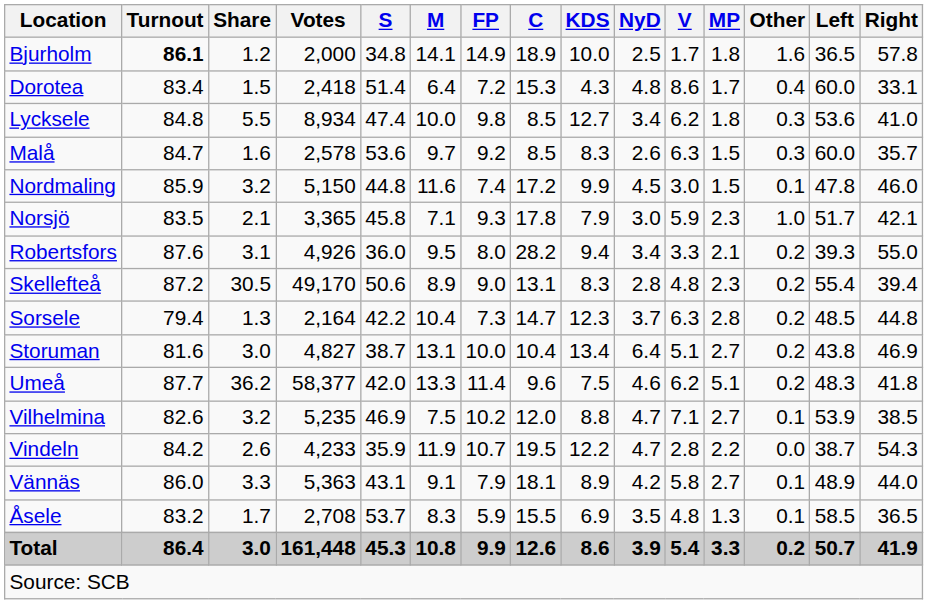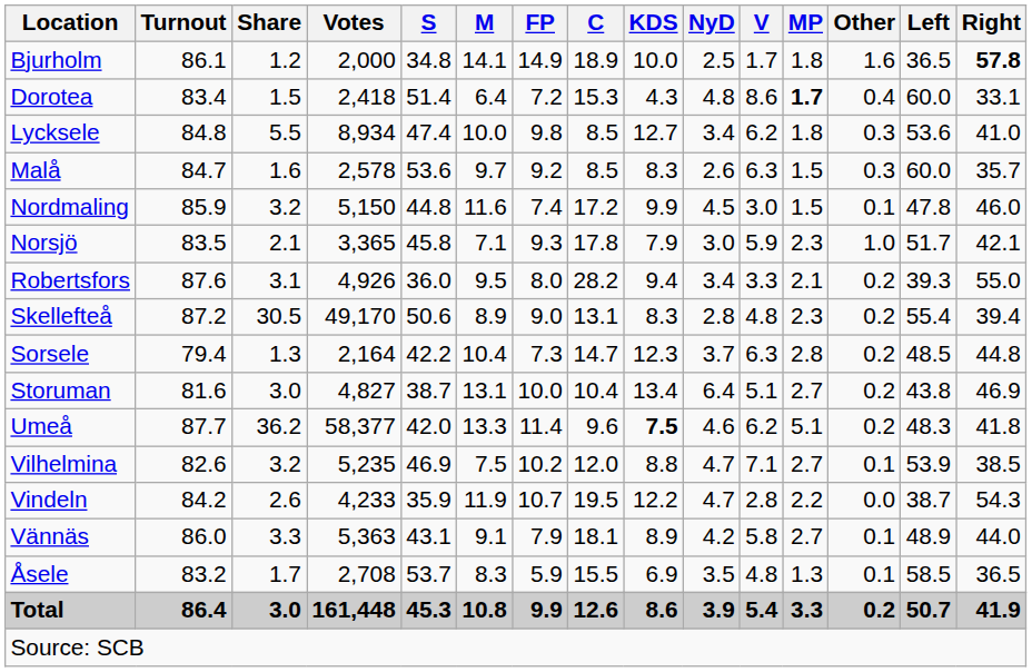 <table class="wikitable sortable" style=text-align:right>
 <tr>
 <th>Location</th>
 <th>Turnout</th>
 <th>Share</th>
 <th>Votes</th>
 <th><a href='#'>S</a></th>
 <th><a href='#'>M</a></th>
 <th><a href='#'>FP</a></th>
 <th><a href='#'>C</a></th>
 <th><a href='#'>KDS</a></th>
 <th><a href='#'>NyD</a></th>
 <th><a href='#'>V</a></th>
 <th><a href='#'>MP</a></th>
 <th>Other</th>
 <th>Left</th>
 <th>Right</th>
 </tr>
 <tr>
 <td align=left><a href='#'>Bjurholm</a></td>
-<td><strong>86.1</strong></td>
+<td>86.1</td>
 <td>1.2</td>
 <td>2,000</td>
 <td>34.8</td>
 <td>14.1</td>
 <td>14.9</td>
 <td>18.9</td>
 <td>10.0</td>
 <td>2.5</td>
 <td>1.7</td>
 <td>1.8</td>
 <td>1.6</td>
 <td>36.5</td>
-<td>57.8</td>
+<td><strong>57.8</strong></td>
 </tr>
 <tr>
 <td align=left><a href='#'>Dorotea</a></td>
 <td>83.4</td>
 <td>1.5</td>
 <td>2,418</td>
 <td>51.4</td>
 <td>6.4</td>
 <td>7.2</td>
 <td>15.3</td>
 <td>4.3</td>
 <td>4.8</td>
 <td>8.6</td>
-<td>1.7</td>
+<td><strong>1.7</strong></td>
 <td>0.4</td>
 <td>60.0</td>
 <td>33.1</td>
 </tr>
 <tr>
 <td align=left><a href='#'>Lycksele</a></td>
 <td>84.8</td>
 <td>5.5</td>
 <td>8,934</td>
 <td>47.4</td>
 <td>10.0</td>
 <td>9.8</td>
 <td>8.5</td>
 <td>12.7</td>
 <td>3.4</td>
 <td>6.2</td>
 <td>1.8</td>
 <td>0.3</td>
 <td>53.6</td>
 <td>41.0</td>
 </tr>
 <tr>
 <td align=left><a href='#'>Malå</a></td>
 <td>84.7</td>
 <td>1.6</td>
 <td>2,578</td>
 <td>53.6</td>
 <td>9.7</td>
 <td>9.2</td>
 <td>8.5</td>
 <td>8.3</td>
 <td>2.6</td>
 <td>6.3</td>
 <td>1.5</td>
 <td>0.3</td>
 <td>60.0</td>
 <td>35.7</td>
 </tr>
 <tr>
 <td align=left><a href='#'>Nordmaling</a></td>
 <td>85.9</td>
 <td>3.2</td>
 <td>5,150</td>
 <td>44.8</td>
 <td>11.6</td>
 <td>7.4</td>
 <td>17.2</td>
 <td>9.9</td>
 <td>4.5</td>
 <td>3.0</td>
 <td>1.5</td>
 <td>0.1</td>
 <td>47.8</td>
 <td>46.0</td>
 </tr>
 <tr>
 <td align=left><a href='#'>Norsjö</a></td>
 <td>83.5</td>
 <td>2.1</td>
 <td>3,365</td>
 <td>45.8</td>
 <td>7.1</td>
 <td>9.3</td>
 <td>17.8</td>
 <td>7.9</td>
 <td>3.0</td>
 <td>5.9</td>
 <td>2.3</td>
 <td>1.0</td>
 <td>51.7</td>
 <td>42.1</td>
 </tr>
 <tr>
 <td align=left><a href='#'>Robertsfors</a></td>
 <td>87.6</td>
 <td>3.1</td>
 <td>4,926</td>
 <td>36.0</td>
 <td>9.5</td>
 <td>8.0</td>
 <td>28.2</td>
 <td>9.4</td>
 <td>3.4</td>
 <td>3.3</td>
 <td>2.1</td>
 <td>0.2</td>
 <td>39.3</td>
 <td>55.0</td>
 </tr>
 <tr>
 <td align=left><a href='#'>Skellefteå</a></td>
 <td>87.2</td>
 <td>30.5</td>
 <td>49,170</td>
 <td>50.6</td>
 <td>8.9</td>
 <td>9.0</td>
 <td>13.1</td>
 <td>8.3</td>
 <td>2.8</td>
 <td>4.8</td>
 <td>2.3</td>
 <td>0.2</td>
 <td>55.4</td>
 <td>39.4</td>
 </tr>
 <tr>
 <td align=left><a href='#'>Sorsele</a></td>
 <td>79.4</td>
 <td>1.3</td>
 <td>2,164</td>
 <td>42.2</td>
 <td>10.4</td>
 <td>7.3</td>
 <td>14.7</td>
 <td>12.3</td>
 <td>3.7</td>
 <td>6.3</td>
 <td>2.8</td>
 <td>0.2</td>
 <td>48.5</td>
 <td>44.8</td>
 </tr>
 <tr>
 <td align=left><a href='#'>Storuman</a></td>
 <td>81.6</td>
 <td>3.0</td>
 <td>4,827</td>
 <td>38.7</td>
 <td>13.1</td>
 <td>10.0</td>
 <td>10.4</td>
 <td>13.4</td>
 <td>6.4</td>
 <td>5.1</td>
 <td>2.7</td>
 <td>0.2</td>
 <td>43.8</td>
 <td>46.9</td>
 </tr>
 <tr>
 <td align=left><a href='#'>Umeå</a></td>
 <td>87.7</td>
 <td>36.2</td>
 <td>58,377</td>
 <td>42.0</td>
 <td>13.3</td>
 <td>11.4</td>
 <td>9.6</td>
-<td>7.5</td>
+<td><strong>7.5</strong></td>
 <td>4.6</td>
 <td>6.2</td>
 <td>5.1</td>
 <td>0.2</td>
 <td>48.3</td>
 <td>41.8</td>
 </tr>
 <tr>
 <td align=left><a href='#'>Vilhelmina</a></td>
 <td>82.6</td>
 <td>3.2</td>
 <td>5,235</td>
 <td>46.9</td>
 <td>7.5</td>
 <td>10.2</td>
 <td>12.0</td>
 <td>8.8</td>
 <td>4.7</td>
 <td>7.1</td>
 <td>2.7</td>
 <td>0.1</td>
 <td>53.9</td>
 <td>38.5</td>
 </tr>
 <tr>
 <td align=left><a href='#'>Vindeln</a></td>
 <td>84.2</td>
 <td>2.6</td>
 <td>4,233</td>
 <td>35.9</td>
 <td>11.9</td>
 <td>10.7</td>
 <td>19.5</td>
 <td>12.2</td>
 <td>4.7</td>
 <td>2.8</td>
 <td>2.2</td>
 <td>0.0</td>
 <td>38.7</td>
 <td>54.3</td>
 </tr>
 <tr>
 <td align=left><a href='#'>Vännäs</a></td>
 <td>86.0</td>
 <td>3.3</td>
 <td>5,363</td>
 <td>43.1</td>
 <td>9.1</td>
 <td>7.9</td>
 <td>18.1</td>
 <td>8.9</td>
 <td>4.2</td>
 <td>5.8</td>
 <td>2.7</td>
 <td>0.1</td>
 <td>48.9</td>
 <td>44.0</td>
 </tr>
 <tr>
 <td align=left><a href='#'>Åsele</a></td>
 <td>83.2</td>
 <td>1.7</td>
 <td>2,708</td>
 <td>53.7</td>
 <td>8.3</td>
 <td>5.9</td>
 <td>15.5</td>
 <td>6.9</td>
 <td>3.5</td>
 <td>4.8</td>
 <td>1.3</td>
 <td>0.1</td>
 <td>58.5</td>
 <td>36.5</td>
 </tr>
 <tr>
 </tr>
 <tr style="background:#CDCDCD;">
 <td align=left><strong>Total</strong></td>
 <td><strong>86.4</strong></td>
 <td><strong>3.0</strong></td>
 <td><strong>161,448</strong></td>
 <td><strong>45.3</strong></td>
 <td><strong>10.8</strong></td>
 <td><strong>9.9</strong></td>
 <td><strong>12.6</strong></td>
 <td><strong>8.6</strong></td>
 <td><strong>3.9</strong></td>
 <td><strong>5.4</strong></td>
 <td><strong>3.3</strong></td>
 <td><strong>0.2</strong></td>
 <td><strong>50.7</strong></td>
 <td><strong>41.9</strong></td>
 </tr>
 <tr>
 <td align=left colspan=15>Source: SCB </td>
 </tr>
 </table>
